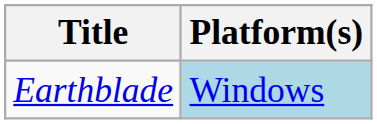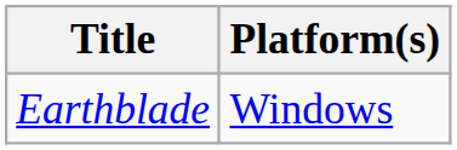 <table class="wikitable plainrowheaders">
 <tr>
 <th scope="col">Title</th>
 <th scope="col">Platform(s)</th>
 </tr>
 <tr>
 <td><em><a href='#'>Earthblade</a></em></td>
-<td style="background: lightblue;"><a href='#'>Windows</a></td>
+<td><a href='#'>Windows</a></td>
 </tr>
 </table>
